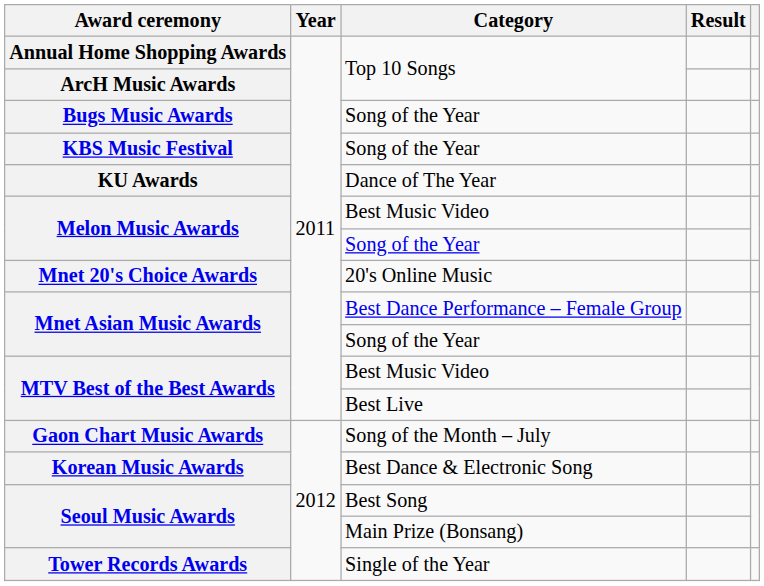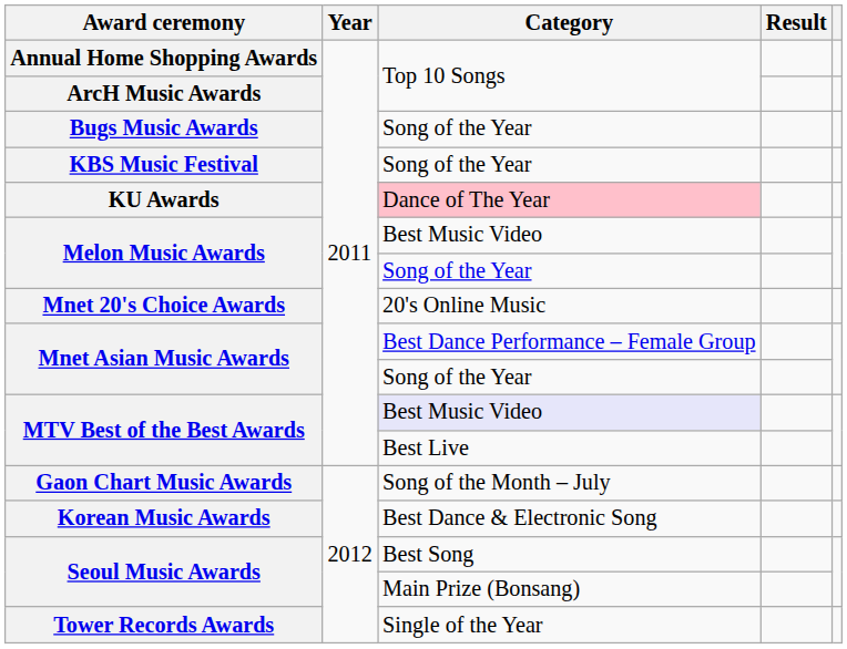 <table class="wikitable plainrowheaders">
 <tr>
 <th>Award ceremony</th>
 <th>Year</th>
 <th>Category</th>
 <th>Result</th>
 <th class="unsortable"></th>
 </tr>
 <tr>
 <th scope="row">Annual Home Shopping Awards</th>
 <td rowspan="12">2011</td>
 <td rowspan="2">Top 10 Songs</td>
 <td></td>
 <td></td>
 </tr>
 <tr>
 <th scope="row">ArcH Music Awards</th>
 <td></td>
 <td></td>
 </tr>
 <tr>
 <th scope="row"><a href='#'>Bugs Music Awards</a></th>
 <td>Song of the Year</td>
 <td></td>
 <td></td>
 </tr>
 <tr>
 <th scope="row"><a href='#'>KBS Music Festival</a></th>
 <td>Song of the Year</td>
 <td></td>
 <td></td>
 </tr>
 <tr>
 <th scope="row">KU Awards</th>
-<td>Dance of The Year</td>
+<td style="background: pink;">Dance of The Year</td>
 <td></td>
 <td></td>
 </tr>
 <tr>
 <th rowspan="2" scope="row"><a href='#'>Melon Music Awards</a></th>
 <td>Best Music Video</td>
 <td></td>
 <td rowspan="2"></td>
 </tr>
 <tr>
 <td><a href='#'>Song of the Year</a></td>
 <td></td>
 </tr>
 <tr>
 <th scope="row"><a href='#'>Mnet 20's Choice Awards</a></th>
 <td>20's Online Music</td>
 <td></td>
 <td></td>
 </tr>
 <tr>
 <th rowspan="2" scope="row"><a href='#'>Mnet Asian Music Awards</a></th>
 <td><a href='#'>Best Dance Performance – Female Group</a></td>
 <td></td>
 <td rowspan="2"></td>
 </tr>
 <tr>
 <td>Song of the Year</td>
 <td></td>
 </tr>
 <tr>
 <th rowspan="2" scope="row"><a href='#'>MTV Best of the Best Awards</a></th>
-<td>Best Music Video</td>
+<td style="background: lavender;">Best Music Video</td>
 <td></td>
 <td rowspan="2"></td>
 </tr>
 <tr>
 <td>Best Live</td>
 <td></td>
 </tr>
 <tr>
 <th scope="row"><a href='#'>Gaon Chart Music Awards</a></th>
 <td rowspan="5">2012</td>
 <td>Song of the Month – July</td>
 <td></td>
 <td></td>
 </tr>
 <tr>
 <th scope="row"><a href='#'>Korean Music Awards</a></th>
 <td>Best Dance & Electronic Song</td>
 <td></td>
 <td></td>
 </tr>
 <tr>
 <th rowspan="2" scope="row"><a href='#'>Seoul Music Awards</a></th>
 <td>Best Song</td>
 <td></td>
 <td rowspan="2"></td>
 </tr>
 <tr>
 <td>Main Prize (Bonsang)</td>
 <td></td>
 </tr>
 <tr>
 <th scope="row"><a href='#'>Tower Records Awards</a></th>
 <td>Single of the Year</td>
 <td></td>
 <td></td>
 </tr>
 </table>
